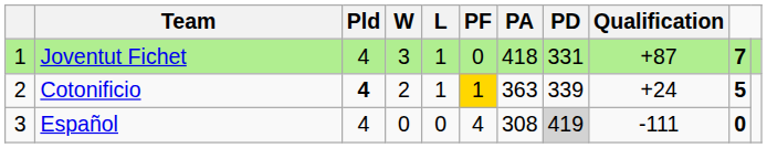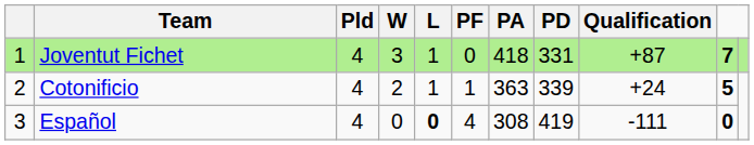 <table class="wikitable" style="text-align:center">
 <tr>
 <th width=15></th>
 <th width=220>Team</th>
 <th width=20>Pld</th>
 <th width=20>W</th>
 <th width=20>L</th>
 <th width=20>PF</th>
 <th width=20>PA</th>
 <th width=20>PD</th>
 <th width=20>Qualification</th>
 </tr>
 <tr style="background: #B0EE90">
 <td>1</td>
 <td align=left><a href='#'>Joventut Fichet</a></td>
 <td>4</td>
 <td>3</td>
 <td>1</td>
 <td>0</td>
 <td>418</td>
 <td>331</td>
 <td>+87</td>
 <td><strong>7</strong></td>
 <td></td>
 </tr>
 <tr>
 <td>2</td>
 <td align=left><a href='#'>Cotonificio</a></td>
-<td><strong>4</strong></td>
+<td>4</td>
 <td>2</td>
 <td>1</td>
-<td style="background: gold;">1</td>
+<td>1</td>
 <td>363</td>
 <td>339</td>
 <td>+24</td>
 <td><strong>5</strong></td>
 </tr>
 <tr>
 <td>3</td>
 <td align=left><a href='#'>Español</a></td>
 <td>4</td>
 <td>0</td>
-<td>0</td>
+<td><strong>0</strong></td>
 <td>4</td>
 <td>308</td>
-<td style="background: lightgrey;">419</td>
+<td>419</td>
 <td>-111</td>
 <td><strong>0</strong></td>
 </tr>
 </table>
